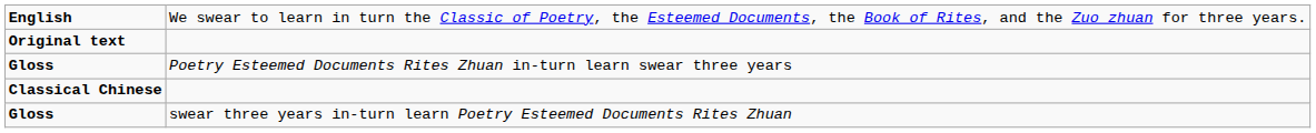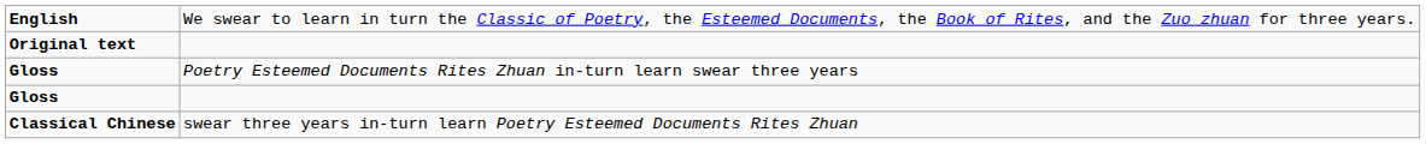 <table class="wikitable">
 <tr>
 <td><strong>English</strong></td>
 <td>We swear to learn in turn the <em><a href='#'>Classic of Poetry</a></em>, the <em><a href='#'>Esteemed Documents</a></em>, the <em><a href='#'>Book of Rites</a></em>, and the <em><a href='#'>Zuo zhuan</a></em> for three years.</td>
 </tr>
 <tr>
 <td><strong>Original text</strong></td>
 <td></td>
 </tr>
 <tr>
 <td><strong>Gloss</strong></td>
 <td><em>Poetry</em> <em>Esteemed Documents</em> <em>Rites</em> <em>Zhuan</em> in-turn learn swear three years</td>
 </tr>
 <tr>
-<td><strong>Classical Chinese</strong></td>
+<td><strong>Gloss</strong></td>
 <td></td>
 </tr>
 <tr>
-<td><strong>Gloss</strong></td>
+<td><strong>Classical Chinese</strong></td>
 <td>swear three years in-turn learn <em>Poetry</em> <em>Esteemed Documents</em> <em>Rites</em> <em>Zhuan</em></td>
 </tr>
 </table>
